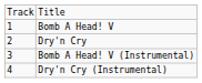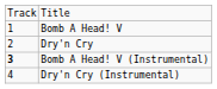 <table class="wikitable">
 <tr>
 <td>Track</td>
 <td>Title</td>
 </tr>
 <tr>
 <td>1</td>
 <td>Bomb A Head! V</td>
 </tr>
 <tr>
 <td>2</td>
 <td>Dry'n Cry</td>
 </tr>
 <tr>
-<td>3</td>
+<td><strong>3</strong></td>
 <td>Bomb A Head! V (Instrumental)</td>
 </tr>
 <tr>
 <td>4</td>
 <td>Dry'n Cry (Instrumental)</td>
 </tr>
 </table>
